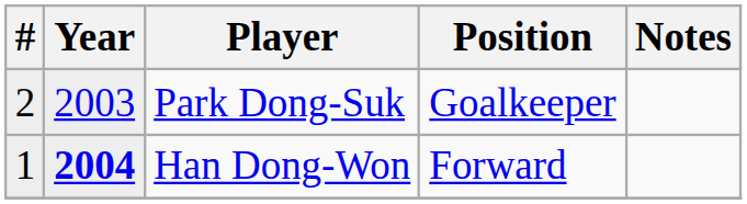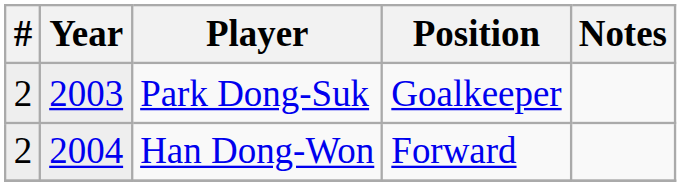 <table class="wikitable" style="text-left:center">
 <tr>
 <th>#</th>
 <th>Year</th>
 <th>Player</th>
 <th>Position</th>
 <th>Notes</th>
 </tr>
 <tr>
 <td style="background:#eeeeee">2</td>
 <td style="background:#eeeeee"><a href='#'>2003</a></td>
 <td> <a href='#'>Park Dong-Suk</a></td>
 <td><a href='#'>Goalkeeper</a></td>
 <td></td>
 </tr>
 <tr>
-<td style="background:#eeeeee">1</td>
-<td style="background:#eeeeee"><strong><a href='#'>2004</a></strong></td>
+<td style="background:#eeeeee">2</td>
+<td style="background:#eeeeee"><a href='#'>2004</a></td>
 <td> <a href='#'>Han Dong-Won</a></td>
 <td><a href='#'>Forward</a></td>
 <td></td>
 </tr>
 <tr>
 </tr>
 </table>
